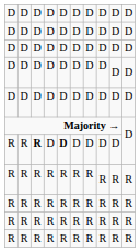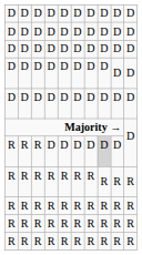 <table class="wikitable"  style="text-align:center;">
 <tr>
 <td>D</td>
 <td>D</td>
 <td>D</td>
 <td>D</td>
 <td>D</td>
 <td>D</td>
 <td>D</td>
 <td>D</td>
 <td>D</td>
 <td>D</td>
 </tr>
 <tr>
 <td width=10% >D</td>
 <td width=10% >D</td>
 <td width=10% >D</td>
 <td width=10% >D</td>
 <td width=10% >D</td>
 <td width=10% >D</td>
 <td width=10% >D</td>
 <td width=10% >D</td>
 <td width=10% >D</td>
 <td width=10% >D</td>
 </tr>
 <tr>
 <td>D</td>
 <td>D</td>
 <td>D</td>
 <td>D</td>
 <td>D</td>
 <td>D</td>
 <td>D</td>
 <td>D</td>
 <td>D</td>
 <td>D</td>
 </tr>
 <tr>
 <td>D<br><br></td>
 <td>D<br><br></td>
 <td>D<br><br></td>
 <td>D<br><br></td>
 <td>D<br><br></td>
 <td>D<br><br></td>
 <td>D<br><br></td>
 <td>D<br><br></td>
 <td>D</td>
 <td>D</td>
 </tr>
 <tr>
 <td>D<br><br></td>
 <td>D<br><br></td>
 <td>D<br><br></td>
 <td>D<br><br></td>
 <td>D<br><br></td>
 <td>D<br><br></td>
 <td>D<br><br></td>
 <td>D<br><br></td>
 <td>D<br><br></td>
 <td>D<br><br></td>
 </tr>
 <tr>
 <td colspan=9 style="text-align:right"><strong>Majority →</strong></td>
 <td rowspan=2 >D<br><br></td>
 </tr>
 <tr>
 <td>R<br><br></td>
 <td>R<br><br></td>
-<td><strong>R<br><br></strong></td>
-<td>D<br><br></td>
-<td><strong>D<br><br></strong></td>
+<td>R<br><br></td>
 <td>D<br><br></td>
 <td>D<br><br></td>
 <td>D<br><br></td>
+<td>D<br><br></td>
+<td style="background: lightgrey;">D<br><br></td>
 <td>D<br><br></td>
 </tr>
 <tr>
 <td>R<br><br></td>
 <td>R<br><br></td>
 <td>R<br><br></td>
 <td>R<br><br></td>
 <td>R<br><br></td>
 <td>R<br><br></td>
 <td>R<br><br></td>
 <td>R</td>
 <td>R</td>
 <td>R</td>
 </tr>
 <tr>
 <td>R</td>
 <td>R</td>
 <td>R</td>
 <td>R</td>
 <td>R</td>
 <td>R</td>
 <td>R</td>
 <td>R</td>
 <td>R</td>
 <td>R</td>
 </tr>
 <tr>
 <td>R</td>
 <td>R</td>
 <td>R</td>
 <td>R</td>
 <td>R</td>
 <td>R</td>
 <td>R</td>
 <td>R</td>
 <td>R</td>
 <td>R</td>
 </tr>
 <tr>
 <td>R</td>
 <td>R</td>
 <td>R</td>
 <td>R</td>
 <td>R</td>
 <td>R</td>
 <td>R</td>
 <td>R</td>
 <td>R</td>
 <td>R</td>
 </tr>
 </table>
